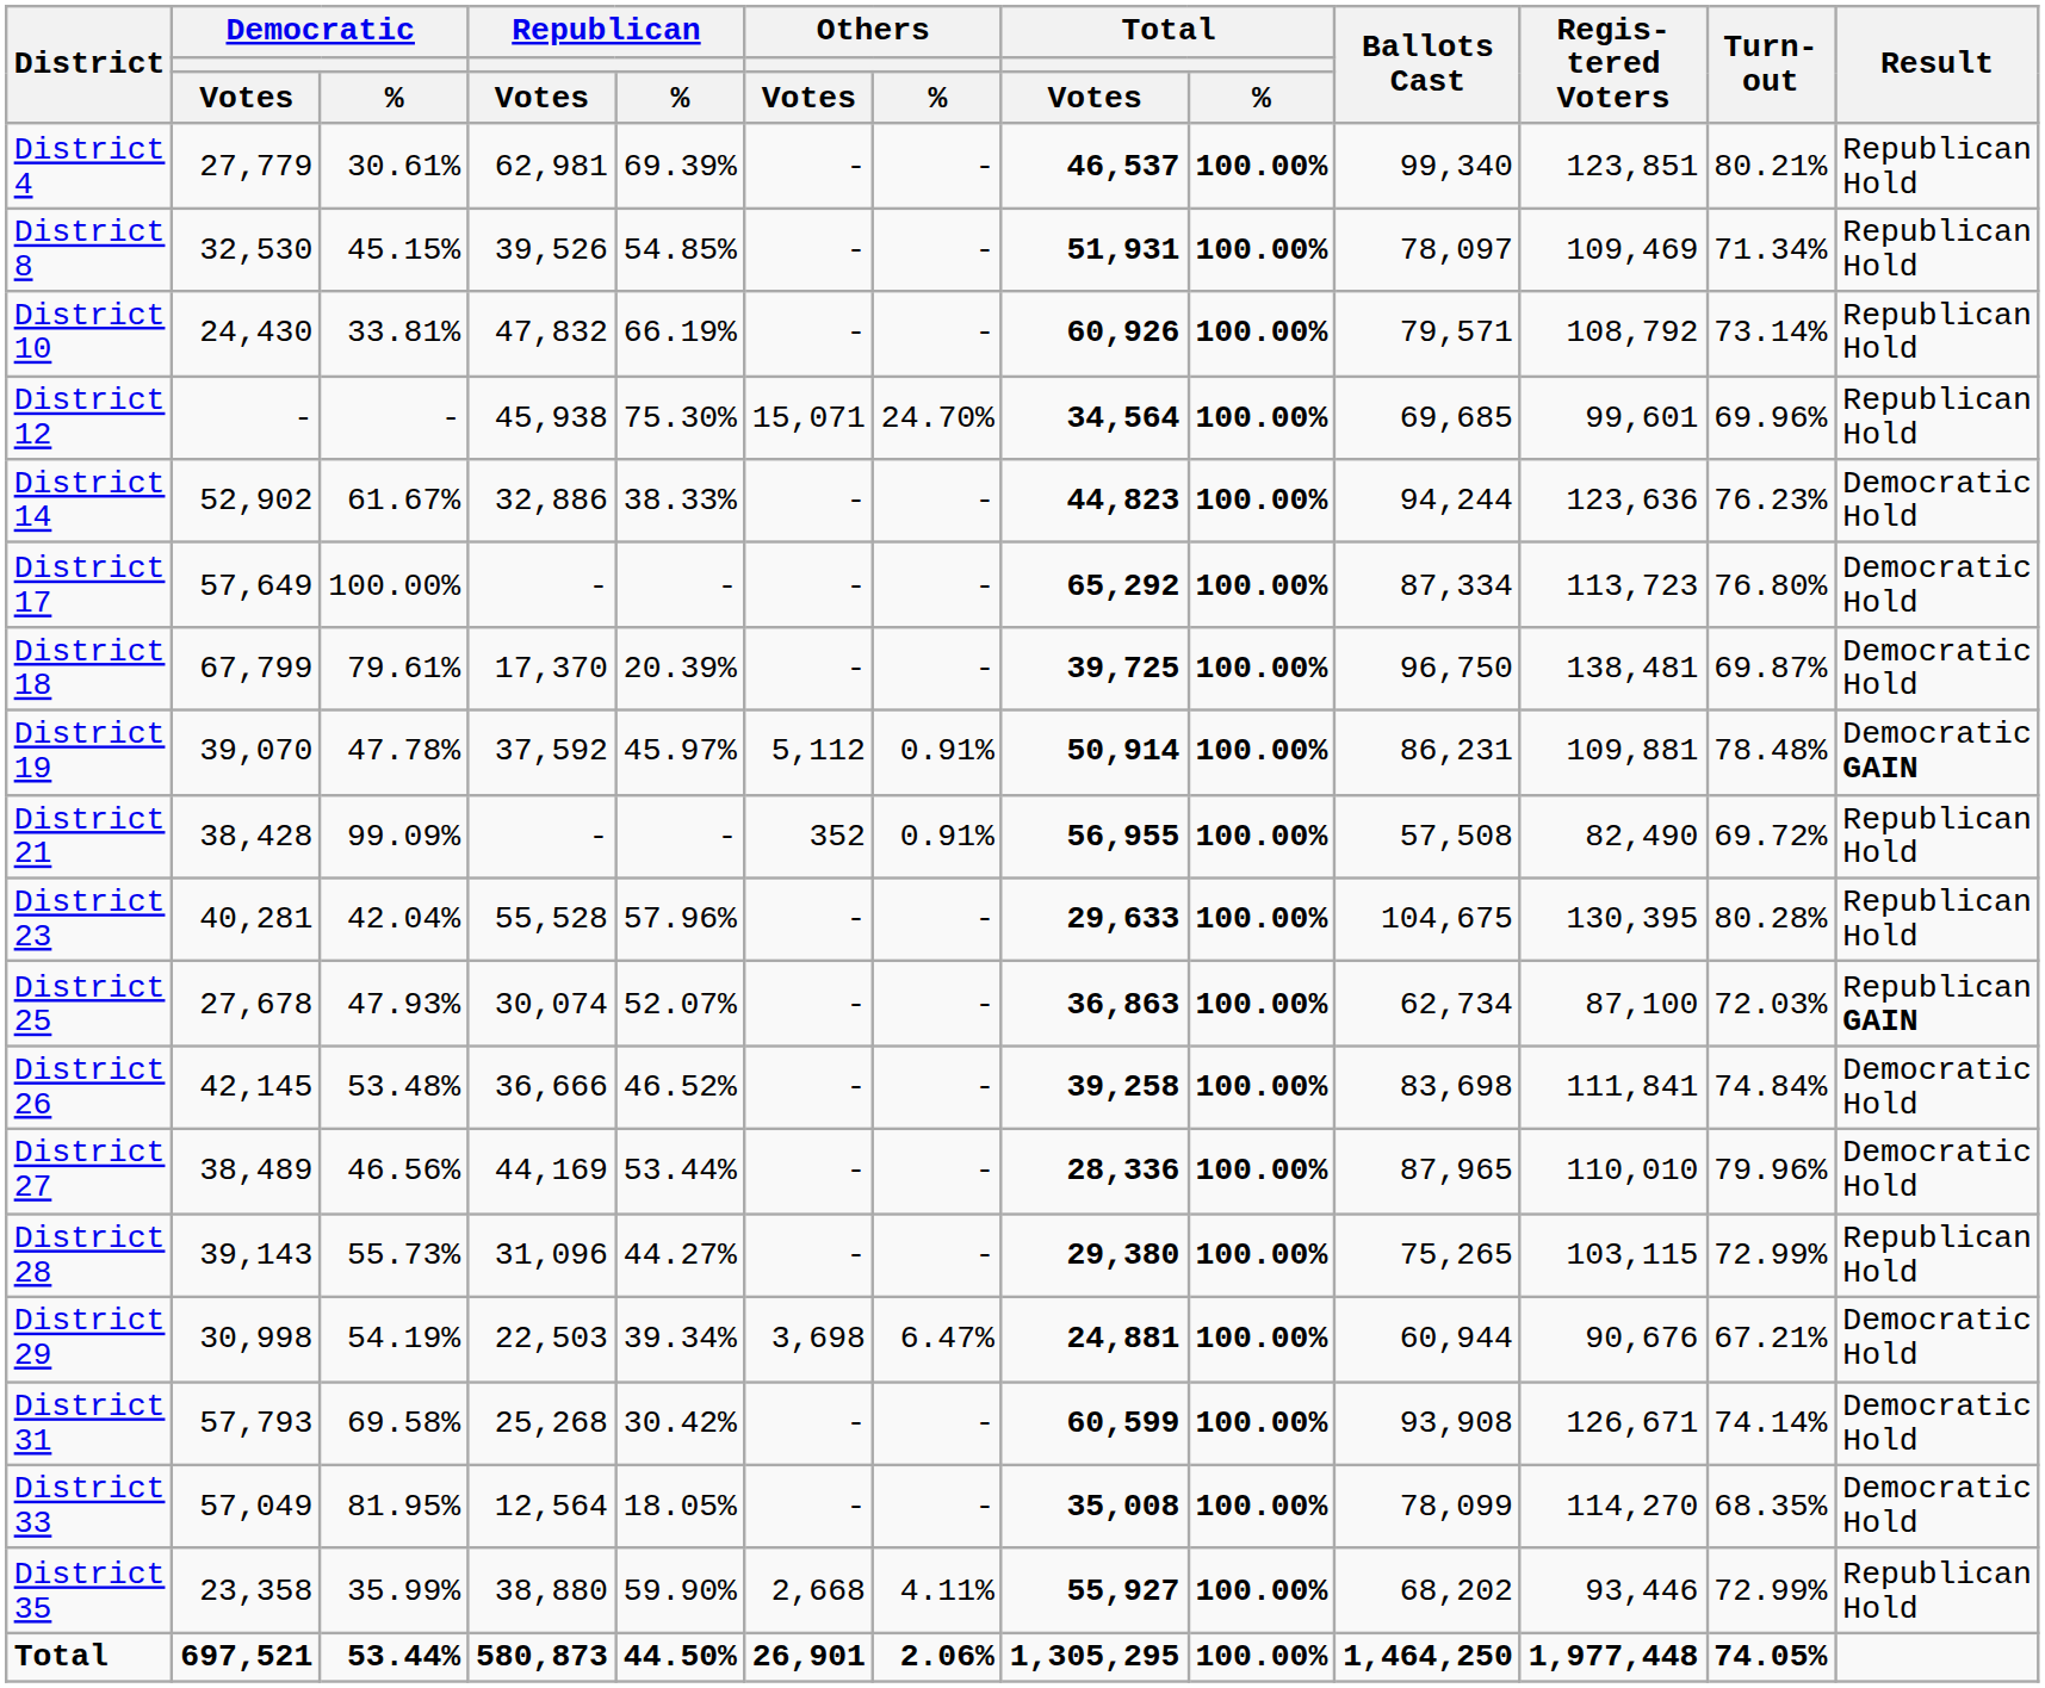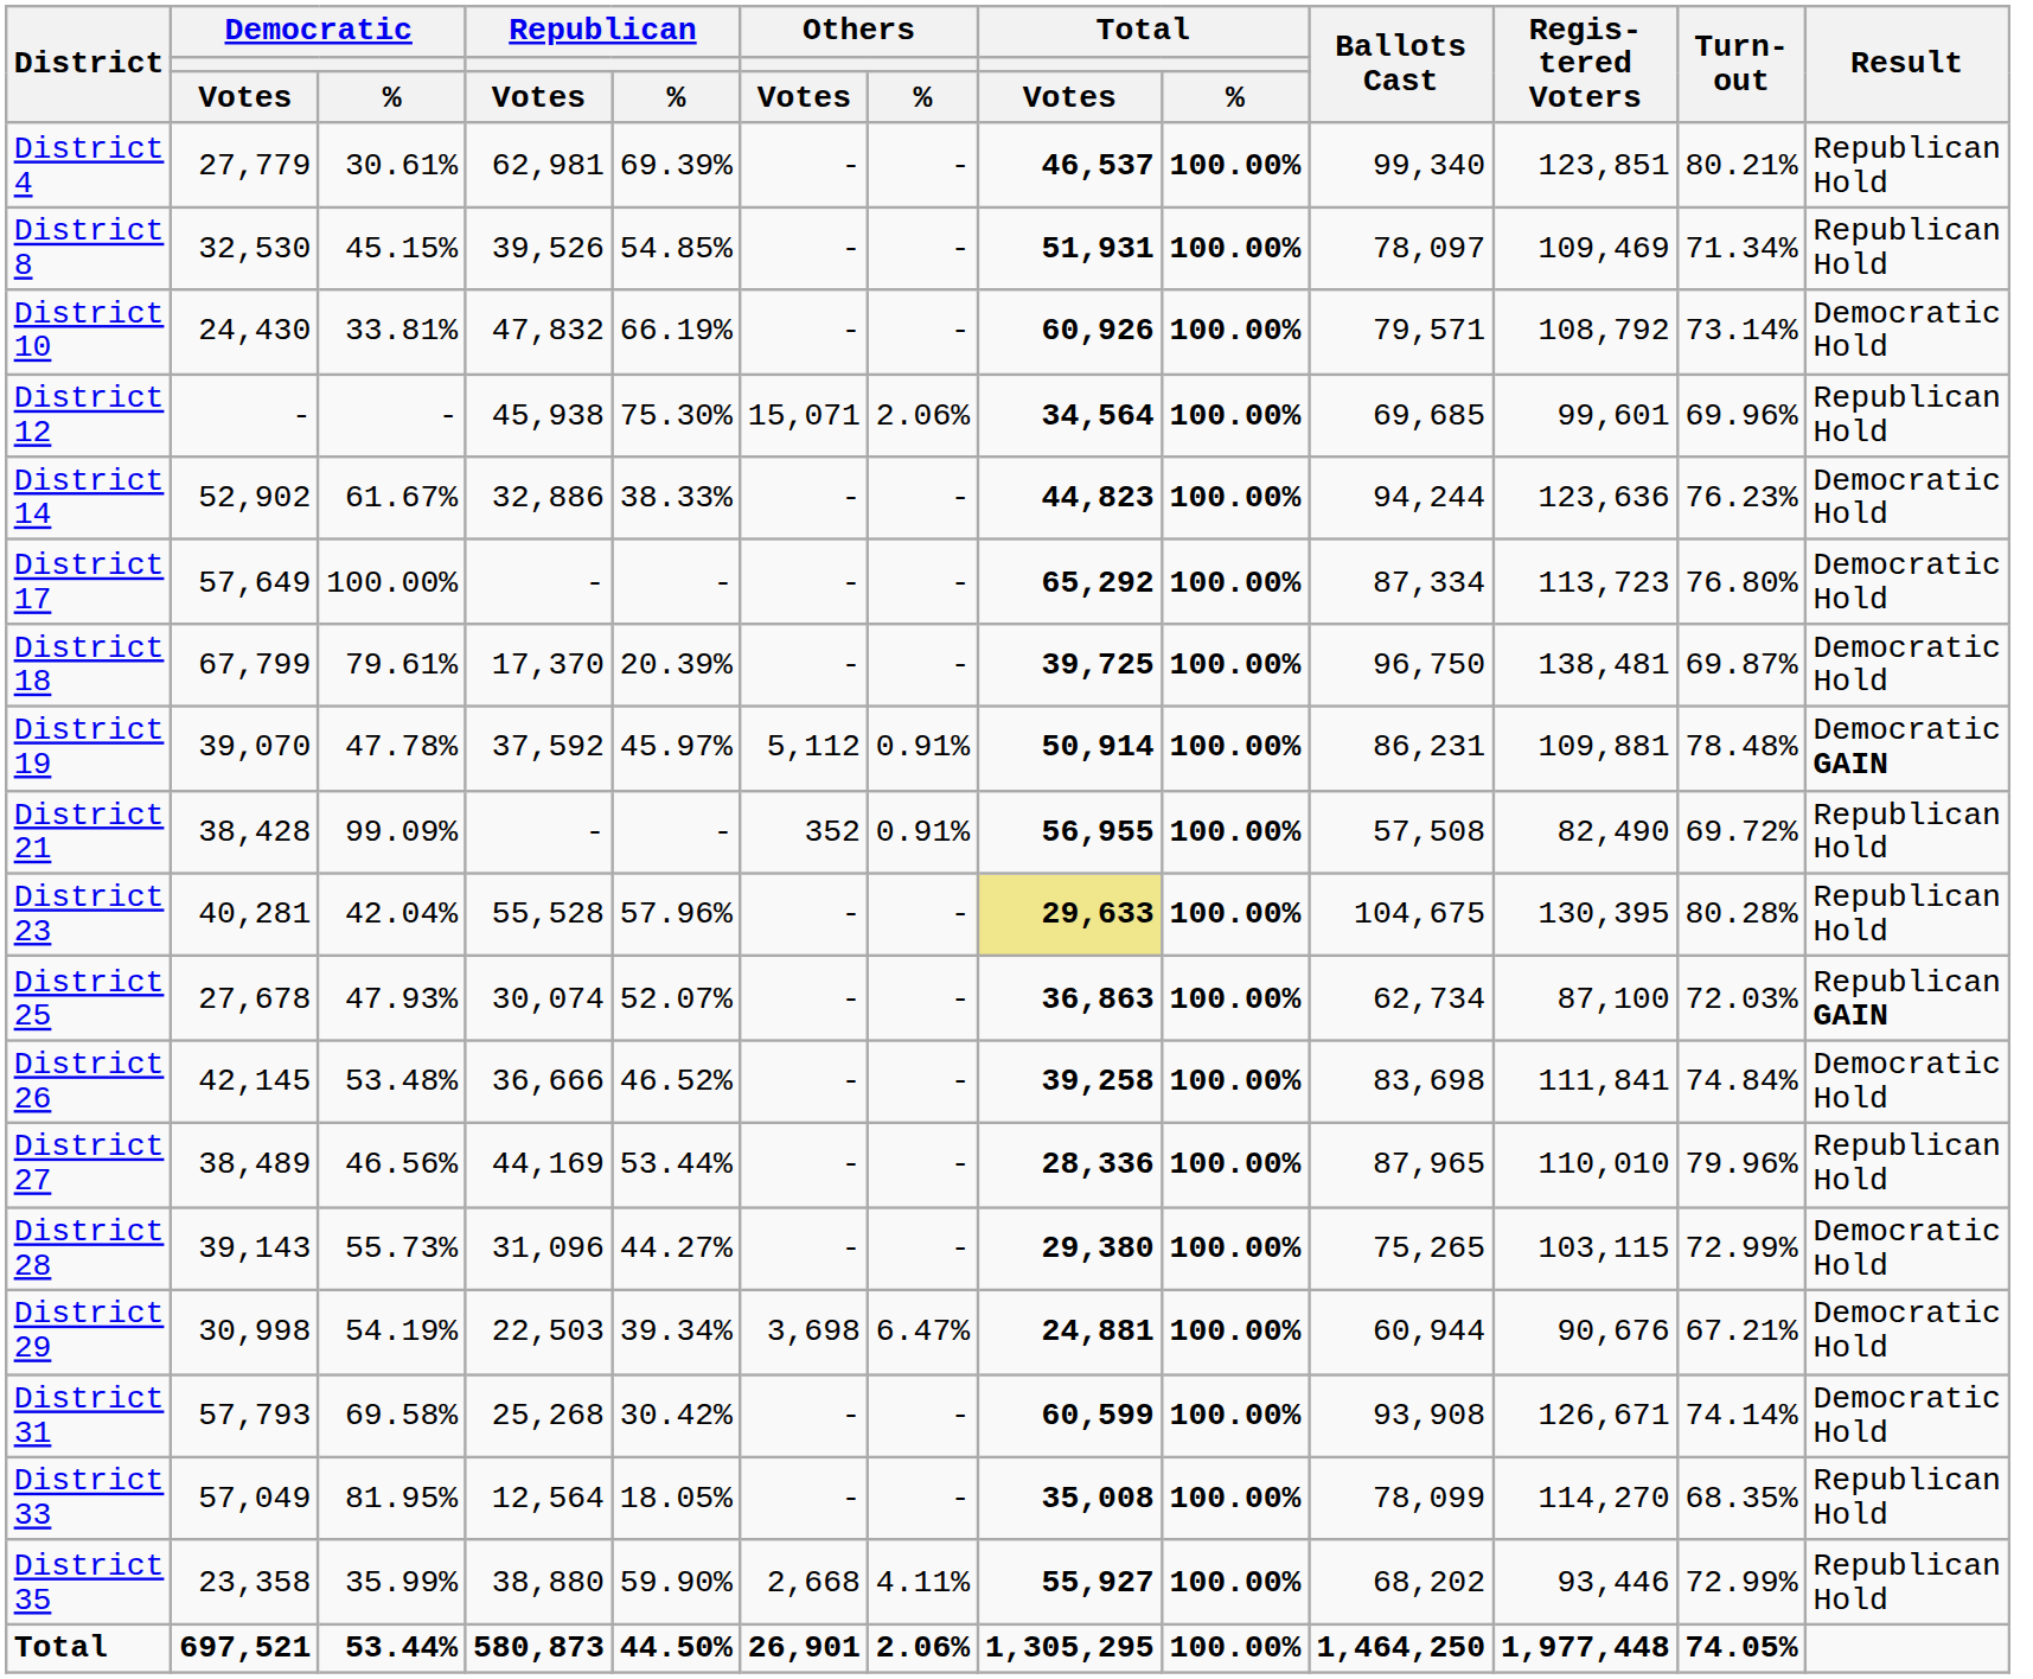 <table class="wikitable plainrowheaders sortable" style="font-size:85%; text-align:right;">
 <tr>
 <th scope=col rowspan=3>District</th>
 <th scope=col colspan=2><a href='#'>Democratic</a></th>
 <th scope=col colspan=2><a href='#'>Republican</a></th>
 <th scope=col colspan=2>Others</th>
 <th scope=col colspan=2>Total</th>
 <th scope=col rowspan=3>Ballots<br>Cast</th>
 <th scope=col rowspan=3>Regis-<br>tered<br>Voters</th>
 <th scope=col rowspan=3>Turn-<br>out</th>
 <th scope=col rowspan=3>Result</th>
 </tr>
 <tr>
 <th scope=col colspan=2 style="background:"></th>
 <th scope=col colspan=2 style="background:"></th>
 <th scope=col colspan=2></th>
 <th scope=col colspan=2></th>
 </tr>
 <tr>
 <th scope=col data-sort-type="number">Votes</th>
 <th scope=col data-sort-type="number">%</th>
 <th scope=col data-sort-type="number">Votes</th>
 <th scope=col data-sort-type="number">%</th>
 <th scope=col data-sort-type="number">Votes</th>
 <th scope=col data-sort-type="number">%</th>
 <th scope=col data-sort-type="number">Votes</th>
 <th scope=col data-sort-type="number">%</th>
 </tr>
 <tr>
 <td align=left><a href='#'>District 4</a></td>
 <td>27,779</td>
 <td>30.61%</td>
 <td>62,981</td>
 <td>69.39%</td>
 <td>-</td>
 <td>-</td>
 <td><strong>46,537</strong></td>
 <td><strong>100.00%</strong></td>
 <td>99,340</td>
 <td>123,851</td>
 <td>80.21%</td>
 <td align=left>Republican Hold</td>
 </tr>
 <tr>
 <td align=left><a href='#'>District 8</a></td>
 <td>32,530</td>
 <td>45.15%</td>
 <td>39,526</td>
 <td>54.85%</td>
 <td>-</td>
 <td>-</td>
 <td><strong>51,931</strong></td>
 <td><strong>100.00%</strong></td>
 <td>78,097</td>
 <td>109,469</td>
 <td>71.34%</td>
 <td align=left>Republican Hold</td>
 </tr>
 <tr>
 <td align=left><a href='#'>District 10</a></td>
 <td>24,430</td>
 <td>33.81%</td>
 <td>47,832</td>
 <td>66.19%</td>
 <td>-</td>
 <td>-</td>
 <td><strong>60,926</strong></td>
 <td><strong>100.00%</strong></td>
 <td>79,571</td>
 <td>108,792</td>
 <td>73.14%</td>
-<td align=left>Republican Hold</td>
+<td align=left>Democratic Hold</td>
 </tr>
 <tr>
 <td align=left><a href='#'>District 12</a></td>
 <td>-</td>
 <td>-</td>
 <td>45,938</td>
 <td>75.30%</td>
 <td>15,071</td>
-<td>24.70%</td>
+<td>2.06%</td>
 <td><strong>34,564</strong></td>
 <td><strong>100.00%</strong></td>
 <td>69,685</td>
 <td>99,601</td>
 <td>69.96%</td>
 <td align=left>Republican Hold</td>
 </tr>
 <tr>
 <td align=left><a href='#'>District 14</a></td>
 <td>52,902</td>
 <td>61.67%</td>
 <td>32,886</td>
 <td>38.33%</td>
 <td>-</td>
 <td>-</td>
 <td><strong>44,823</strong></td>
 <td><strong>100.00%</strong></td>
 <td>94,244</td>
 <td>123,636</td>
 <td>76.23%</td>
 <td align=left>Democratic Hold</td>
 </tr>
 <tr>
 <td align=left><a href='#'>District 17</a></td>
 <td>57,649</td>
 <td>100.00%</td>
 <td>-</td>
 <td>-</td>
 <td>-</td>
 <td>-</td>
 <td><strong>65,292</strong></td>
 <td><strong>100.00%</strong></td>
 <td>87,334</td>
 <td>113,723</td>
 <td>76.80%</td>
 <td align=left>Democratic Hold</td>
 </tr>
 <tr>
 <td align=left><a href='#'>District 18</a></td>
 <td>67,799</td>
 <td>79.61%</td>
 <td>17,370</td>
 <td>20.39%</td>
 <td>-</td>
 <td>-</td>
 <td><strong>39,725</strong></td>
 <td><strong>100.00%</strong></td>
 <td>96,750</td>
 <td>138,481</td>
 <td>69.87%</td>
 <td align=left>Democratic Hold</td>
 </tr>
 <tr>
 <td align=left><a href='#'>District 19</a></td>
 <td>39,070</td>
 <td>47.78%</td>
 <td>37,592</td>
 <td>45.97%</td>
 <td>5,112</td>
 <td>0.91%</td>
 <td><strong>50,914</strong></td>
 <td><strong>100.00%</strong></td>
 <td>86,231</td>
 <td>109,881</td>
 <td>78.48%</td>
 <td align=left>Democratic <strong>GAIN</strong></td>
 </tr>
 <tr>
 <td align=left><a href='#'>District 21</a></td>
 <td>38,428</td>
 <td>99.09%</td>
 <td>-</td>
 <td>-</td>
 <td>352</td>
 <td>0.91%</td>
 <td><strong>56,955</strong></td>
 <td><strong>100.00%</strong></td>
 <td>57,508</td>
 <td>82,490</td>
 <td>69.72%</td>
 <td align=left>Republican Hold</td>
 </tr>
 <tr>
 <td align=left><a href='#'>District 23</a></td>
 <td>40,281</td>
 <td>42.04%</td>
 <td>55,528</td>
 <td>57.96%</td>
 <td>-</td>
 <td>-</td>
-<td><strong>29,633</strong></td>
+<td style="background: khaki;"><strong>29,633</strong></td>
 <td><strong>100.00%</strong></td>
 <td>104,675</td>
 <td>130,395</td>
 <td>80.28%</td>
 <td align=left>Republican Hold</td>
 </tr>
 <tr>
 <td align=left><a href='#'>District 25</a></td>
 <td>27,678</td>
 <td>47.93%</td>
 <td>30,074</td>
 <td>52.07%</td>
 <td>-</td>
 <td>-</td>
 <td><strong>36,863</strong></td>
 <td><strong>100.00%</strong></td>
 <td>62,734</td>
 <td>87,100</td>
 <td>72.03%</td>
 <td align=left>Republican <strong>GAIN</strong></td>
 </tr>
 <tr>
 <td align=left><a href='#'>District 26</a></td>
 <td>42,145</td>
 <td>53.48%</td>
 <td>36,666</td>
 <td>46.52%</td>
 <td>-</td>
 <td>-</td>
 <td><strong>39,258</strong></td>
 <td><strong>100.00%</strong></td>
 <td>83,698</td>
 <td>111,841</td>
 <td>74.84%</td>
 <td align=left>Democratic Hold</td>
 </tr>
 <tr>
 <td align=left><a href='#'>District 27</a></td>
 <td>38,489</td>
 <td>46.56%</td>
 <td>44,169</td>
 <td>53.44%</td>
 <td>-</td>
 <td>-</td>
 <td><strong>28,336</strong></td>
 <td><strong>100.00%</strong></td>
 <td>87,965</td>
 <td>110,010</td>
 <td>79.96%</td>
-<td align=left>Democratic Hold</td>
+<td align=left>Republican Hold</td>
 </tr>
 <tr>
 <td align=left><a href='#'>District 28</a></td>
 <td>39,143</td>
 <td>55.73%</td>
 <td>31,096</td>
 <td>44.27%</td>
 <td>-</td>
 <td>-</td>
 <td><strong>29,380</strong></td>
 <td><strong>100.00%</strong></td>
 <td>75,265</td>
 <td>103,115</td>
 <td>72.99%</td>
-<td align=left>Republican Hold</td>
+<td align=left>Democratic Hold</td>
 </tr>
 <tr>
 <td align=left><a href='#'>District 29</a></td>
 <td>30,998</td>
 <td>54.19%</td>
 <td>22,503</td>
 <td>39.34%</td>
 <td>3,698</td>
 <td>6.47%</td>
 <td><strong>24,881</strong></td>
 <td><strong>100.00%</strong></td>
 <td>60,944</td>
 <td>90,676</td>
 <td>67.21%</td>
 <td align=left>Democratic Hold</td>
 </tr>
 <tr>
 <td align=left><a href='#'>District 31</a></td>
 <td>57,793</td>
 <td>69.58%</td>
 <td>25,268</td>
 <td>30.42%</td>
 <td>-</td>
 <td>-</td>
 <td><strong>60,599</strong></td>
 <td><strong>100.00%</strong></td>
 <td>93,908</td>
 <td>126,671</td>
 <td>74.14%</td>
 <td align=left>Democratic Hold</td>
 </tr>
 <tr>
 <td align=left><a href='#'>District 33</a></td>
 <td>57,049</td>
 <td>81.95%</td>
 <td>12,564</td>
 <td>18.05%</td>
 <td>-</td>
 <td>-</td>
 <td><strong>35,008</strong></td>
 <td><strong>100.00%</strong></td>
 <td>78,099</td>
 <td>114,270</td>
 <td>68.35%</td>
-<td align=left>Democratic Hold</td>
+<td align=left>Republican Hold</td>
 </tr>
 <tr>
 <td align=left><a href='#'>District 35</a></td>
 <td>23,358</td>
 <td>35.99%</td>
 <td>38,880</td>
 <td>59.90%</td>
 <td>2,668</td>
 <td>4.11%</td>
 <td><strong>55,927</strong></td>
 <td><strong>100.00%</strong></td>
 <td>68,202</td>
 <td>93,446</td>
 <td>72.99%</td>
 <td align=left>Republican Hold</td>
 </tr>
 <tr class="sortbottom" style="font-weight:bold">
 <td align=left>Total</td>
 <td>697,521</td>
 <td>53.44%</td>
 <td>580,873</td>
 <td>44.50%</td>
 <td>26,901</td>
 <td>2.06%</td>
 <td>1,305,295</td>
 <td>100.00%</td>
 <td>1,464,250</td>
 <td>1,977,448</td>
 <td>74.05%</td>
 <td></td>
 </tr>
 </table>
